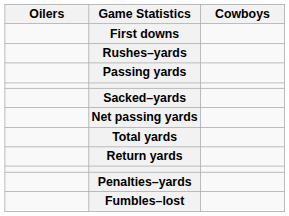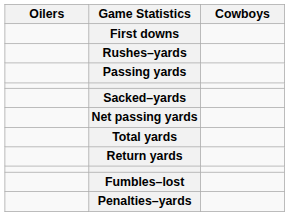 <table class="wikitable" style="margin: 1em auto 1em auto">
 <tr>
 <th style="width:30%;">Oilers</th>
 <th style="width:40%;">Game Statistics</th>
 <th style="width:30%;">Cowboys</th>
 </tr>
 <tr>
 <td style="text-align:right;"></td>
 <th>First downs</th>
 <td></td>
 </tr>
 <tr>
 <td style="text-align:right;"></td>
 <th>Rushes–yards</th>
 <td></td>
 </tr>
 <tr>
 <td style="text-align:right;"></td>
 <th>Passing yards</th>
 <td></td>
 </tr>
 <tr>
 <td style="text-align:right;"></td>
 <th></th>
 <td></td>
 </tr>
 <tr>
 <td style="text-align:right;"></td>
 <th>Sacked–yards</th>
 <td></td>
 </tr>
 <tr>
 <td style="text-align:right;"></td>
 <th>Net passing yards</th>
 <td></td>
 </tr>
 <tr>
 <td style="text-align:right;"></td>
 <th>Total yards</th>
 <td></td>
 </tr>
 <tr>
 <td style="text-align:right;"></td>
 <th>Return yards</th>
 <td></td>
 </tr>
 <tr>
 <td style="text-align:right;"></td>
 <th></th>
 <td></td>
 </tr>
 <tr>
 <td style="text-align:right;"></td>
-<th>Penalties–yards</th>
+<th>Fumbles–lost</th>
 <td></td>
 </tr>
 <tr>
 <td style="text-align:right;"></td>
-<th>Fumbles–lost</th>
+<th>Penalties–yards</th>
 <td></td>
 </tr>
 </table>
